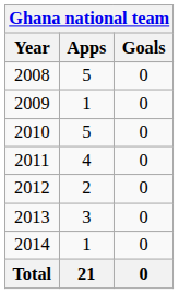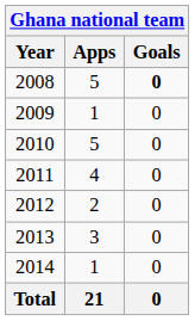 <table class="wikitable" style="text-align:center">
 <tr>
 <th colspan=3><a href='#'>Ghana national team</a></th>
 </tr>
 <tr>
 <th>Year</th>
 <th>Apps</th>
 <th>Goals</th>
 </tr>
 <tr>
 </tr>
 <tr>
 <td>2008</td>
 <td>5</td>
-<td>0</td>
+<td><strong>0</strong></td>
 </tr>
 <tr>
 <td>2009</td>
 <td>1</td>
 <td>0</td>
 </tr>
 <tr>
 <td>2010</td>
 <td>5</td>
 <td>0</td>
 </tr>
 <tr>
 <td>2011</td>
 <td>4</td>
 <td>0</td>
 </tr>
 <tr>
 <td>2012</td>
 <td>2</td>
 <td>0</td>
 </tr>
 <tr>
 <td>2013</td>
 <td>3</td>
 <td>0</td>
 </tr>
 <tr>
 <td>2014</td>
 <td>1</td>
 <td>0</td>
 </tr>
 <tr>
 <th>Total</th>
 <th>21</th>
 <th>0</th>
 </tr>
 </table>
